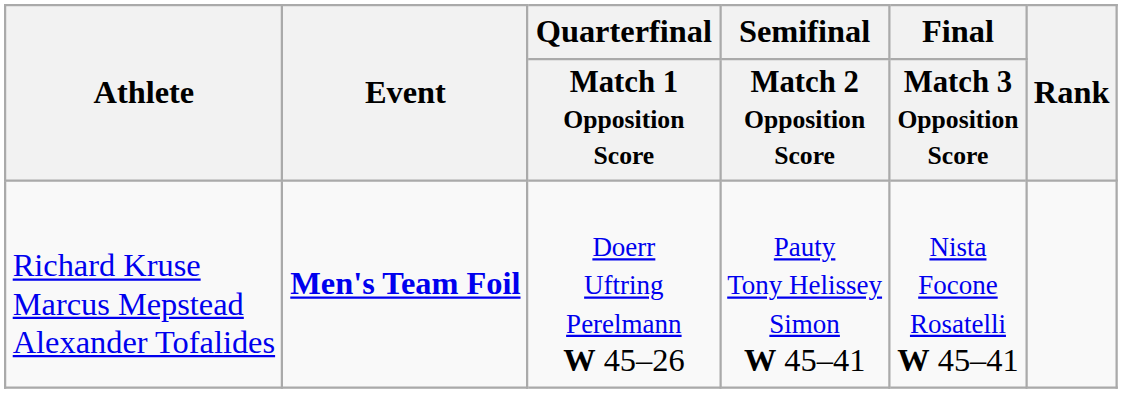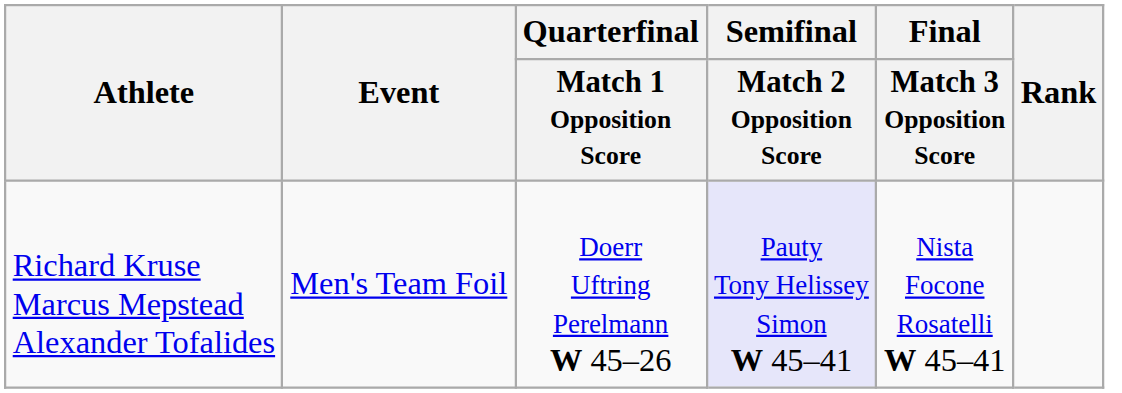 <table class="wikitable" style="font-size:90%">
 <tr>
 <th rowspan="2">Athlete</th>
 <th rowspan="2">Event</th>
 <th>Quarterfinal</th>
 <th>Semifinal</th>
 <th>Final</th>
 <th rowspan="2">Rank</th>
 </tr>
 <tr style="font-size:95%">
 <th>Match 1<br><small>Opposition <br> Score</small></th>
 <th>Match 2<br><small>Opposition <br> Score</small></th>
 <th>Match 3<br><small>Opposition <br> Score</small></th>
 </tr>
 <tr align="center">
 <td align="left"><br><a href='#'>Richard Kruse</a><br><a href='#'>Marcus Mepstead</a><br><a href='#'>Alexander Tofalides</a></td>
-<td><strong><a href='#'>Men's Team Foil</a></strong></td>
+<td><a href='#'>Men's Team Foil</a></td>
 <td><br><small><a href='#'>Doerr</a><br><a href='#'>Uftring</a><br><a href='#'>Perelmann</a></small><br> <strong>W</strong> 45–26</td>
-<td><br><small><a href='#'>Pauty</a><br><a href='#'>Tony Helissey</a><br><a href='#'>Simon</a></small><br> <strong>W</strong> 45–41</td>
+<td style="background: lavender;"><br><small><a href='#'>Pauty</a><br><a href='#'>Tony Helissey</a><br><a href='#'>Simon</a></small><br> <strong>W</strong> 45–41</td>
 <td><br><small><a href='#'>Nista</a><br><a href='#'>Focone</a><br><a href='#'>Rosatelli</a></small><br> <strong>W</strong> 45–41</td>
 <td></td>
 </tr>
 </table>
